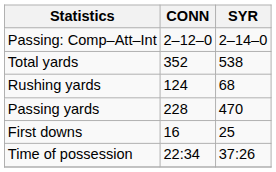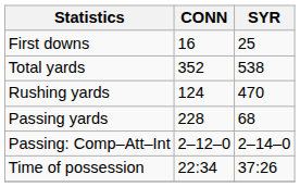 <table class="wikitable" style="float: left;">
 <tr>
 <th>Statistics</th>
 <th>CONN</th>
 <th>SYR</th>
 </tr>
 <tr>
-<td>Passing: Comp–Att–Int</td>
-<td>2–12–0</td>
-<td>2–14–0</td>
+<td>First downs</td>
+<td>16</td>
+<td>25</td>
 </tr>
 <tr>
 <td>Total yards</td>
 <td>352</td>
 <td>538</td>
 </tr>
 <tr>
 <td>Rushing yards</td>
 <td>124</td>
-<td>68</td>
+<td>470</td>
 </tr>
 <tr>
 <td>Passing yards</td>
 <td>228</td>
-<td>470</td>
+<td>68</td>
 </tr>
 <tr>
-<td>First downs</td>
-<td>16</td>
-<td>25</td>
+<td>Passing: Comp–Att–Int</td>
+<td>2–12–0</td>
+<td>2–14–0</td>
 </tr>
 <tr>
 <td>Time of possession</td>
 <td>22:34</td>
 <td>37:26</td>
 </tr>
 <tr>
 </tr>
 </table>
